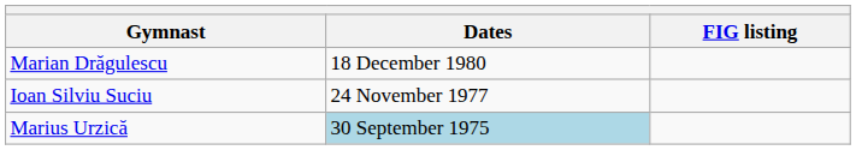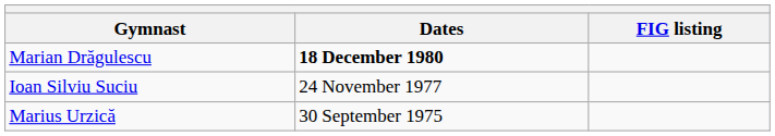 <table class="wikitable mw-collapsible mw-collapsed" width="75%">
 <tr>
 <th colspan="3"></th>
 </tr>
 <tr>
 <th>Gymnast</th>
 <th>Dates</th>
 <th><a href='#'>FIG</a> listing</th>
 </tr>
 <tr>
 <td><a href='#'>Marian Drăgulescu</a></td>
-<td>18 December 1980</td>
+<td><strong>18 December 1980</strong></td>
 <td></td>
 </tr>
 <tr>
 <td><a href='#'>Ioan Silviu Suciu</a></td>
 <td>24 November 1977</td>
 <td></td>
 </tr>
 <tr>
 <td><a href='#'>Marius Urzică</a></td>
-<td style="background: lightblue;">30 September 1975</td>
+<td>30 September 1975</td>
 <td></td>
 </tr>
 </table>
